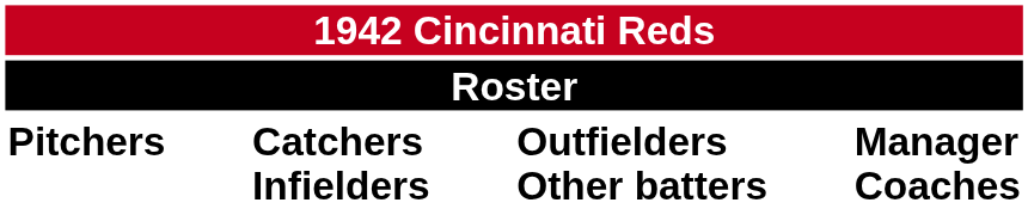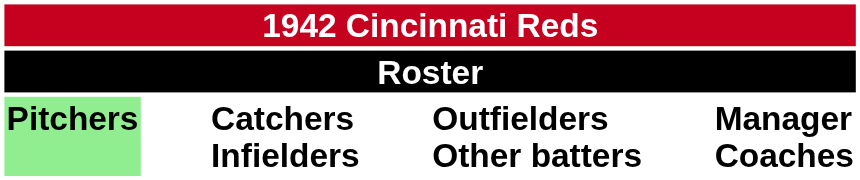 <table class="toccolours" style="font-size: 95%;">
 <tr>
 <th colspan="10" style="background-color: #c6011f; color: white; text-align: center;">1942 Cincinnati Reds</th>
 </tr>
 <tr>
 <td colspan="10" style="background-color: black; color: white; text-align: center;"><strong>Roster</strong></td>
 </tr>
 <tr>
-<td valign="top"><strong>Pitchers</strong><br>          </td>
+<td valign="top" style="background: lightgreen;"><strong>Pitchers</strong><br>          </td>
 <td width="25px"></td>
 <td valign="top"><strong>Catchers</strong><br>    <strong>Infielders</strong>         </td>
 <td width="25px"></td>
 <td valign="top"><strong>Outfielders</strong><br>          <strong>Other batters</strong> </td>
 <td width="25px"></td>
 <td valign="top"><strong>Manager</strong><br> <strong>Coaches</strong>  </td>
 </tr>
 </table>
